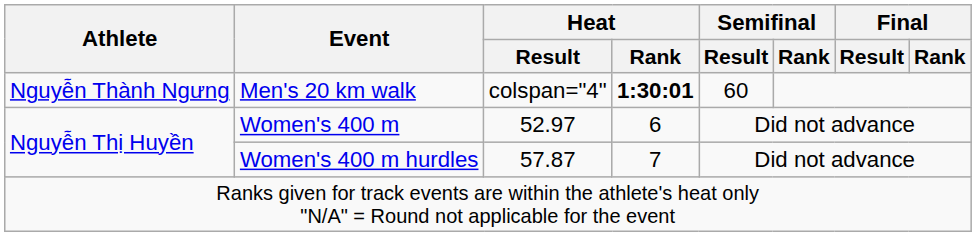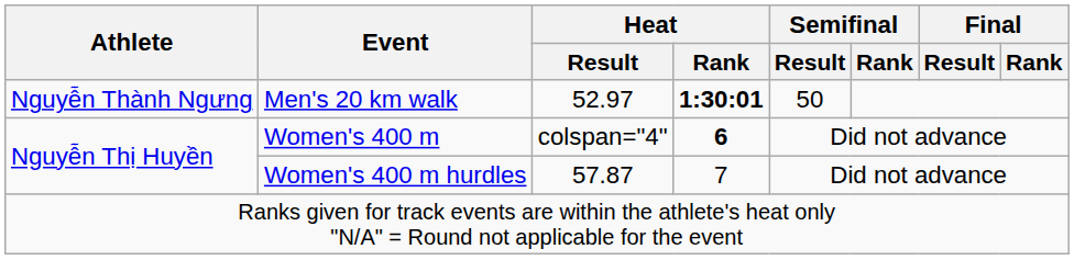 <table class="wikitable" style="font-size:92%">
 <tr>
 <th rowspan="2">Athlete</th>
 <th rowspan="2">Event</th>
 <th colspan="2">Heat</th>
 <th colspan="2">Semifinal</th>
 <th colspan="2">Final</th>
 </tr>
 <tr style="font-size:95%">
 <th>Result</th>
 <th>Rank</th>
 <th>Result</th>
 <th>Rank</th>
 <th>Result</th>
 <th>Rank</th>
 </tr>
 <tr align="center">
 <td align="left"><a href='#'>Nguyễn Thành Ngưng</a></td>
 <td align="left"><a href='#'>Men's 20 km walk</a></td>
-<td>colspan="4" </td>
+<td>52.97</td>
 <td><strong>1:30:01</strong></td>
-<td>60</td>
+<td>50</td>
 </tr>
 <tr align="center">
 <td align="left" rowspan="2"><a href='#'>Nguyễn Thị Huyền</a></td>
 <td align="left"><a href='#'>Women's 400 m</a></td>
-<td>52.97</td>
-<td>6</td>
+<td>colspan="4" </td>
+<td><strong>6</strong></td>
 <td colspan="5">Did not advance</td>
 </tr>
 <tr align="center">
 <td align="left"><a href='#'>Women's 400 m hurdles</a></td>
 <td>57.87</td>
 <td>7</td>
 <td colspan="4">Did not advance</td>
 </tr>
 <tr>
 <td colspan="8" style="font-size:90%; text-align:center;">Ranks given for track events are within the athlete's heat only <br> "N/A" = Round not applicable for the event</td>
 </tr>
 </table>
